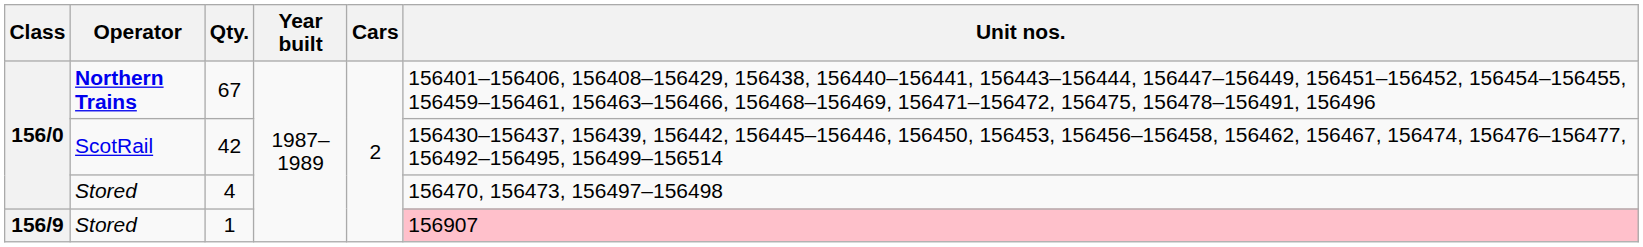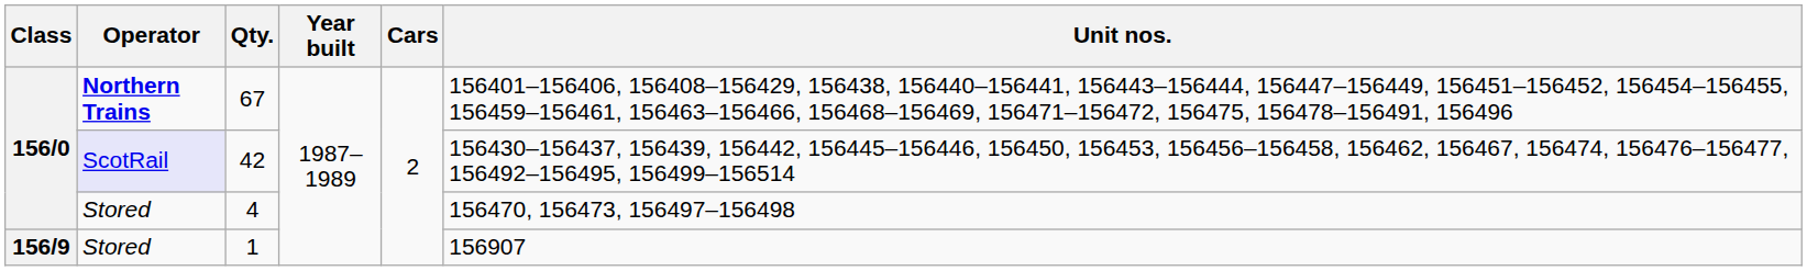 <table class="wikitable">
 <tr>
 <th>Class</th>
 <th>Operator</th>
 <th>Qty.</th>
 <th>Year built</th>
 <th>Cars</th>
 <th>Unit nos.</th>
 </tr>
 <tr>
 <th rowspan="3">156/0</th>
 <td><strong><a href='#'>Northern Trains</a></strong></td>
 <td align=center>67</td>
 <td rowspan="4" align="center">1987–1989</td>
 <td rowspan="4" align="center">2</td>
 <td>156401–156406, 156408–156429, 156438, 156440–156441, 156443–156444, 156447–156449, 156451–156452, 156454–156455, 156459–156461, 156463–156466, 156468–156469, 156471–156472, 156475, 156478–156491, 156496</td>
 </tr>
 <tr>
-<td><a href='#'>ScotRail</a></td>
+<td style="background: lavender;"><a href='#'>ScotRail</a></td>
 <td align=center>42</td>
 <td>156430–156437, 156439, 156442, 156445–156446, 156450, 156453, 156456–156458, 156462, 156467, 156474, 156476–156477, 156492–156495, 156499–156514</td>
 </tr>
 <tr>
 <td><em>Stored</em></td>
 <td align=center>4</td>
 <td>156470, 156473, 156497–156498</td>
 </tr>
 <tr>
 <th>156/9</th>
 <td><em>Stored</em></td>
 <td align="center">1</td>
-<td style="background: pink;">156907</td>
+<td>156907</td>
 </tr>
 </table>
